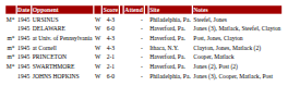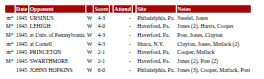 <table style="font-family:verdana;color:black;background:white;font-size:xx-small;text-align:right;">
 <tr style="color:white;background:#a20000;font-weight:bold;">
 <th> </th>
 <th style="text-align:left;">Date</th>
 <th style="text-align:left;">Opponent</th>
 <th> </th>
 <th style="text-align:center;">Score</th>
 <th> </th>
 <th>Attend</th>
 <th> </th>
 <th style="text-align:left;">Site</th>
 <th style="text-align:left;">Notes</th>
 </tr>
 <tr>
-<td>M*</td>
+<td>m*</td>
 <td style="text-align:left;">1945</td>
 <td style="text-align:left;">URSINUS</td>
 <td>W</td>
 <td style="text-align:center;">4-3</td>
 <td></td>
 <td>-</td>
 <td></td>
 <td style="text-align:left;">Philadelphia, Pa.</td>
 <td style="text-align:left;">Steefel, Jones</td>
 </tr>
 <tr>
-<td></td>
+<td>M*</td>
 <td style="text-align:left;">1945</td>
-<td style="text-align:left;">DELAWARE</td>
+<td style="text-align:left;">LEHIGH</td>
 <td>W</td>
-<td style="text-align:center;">6-0</td>
+<td style="text-align:center;">4-0</td>
 <td></td>
 <td>-</td>
 <td></td>
 <td style="text-align:left;">Haverford, Pa.</td>
-<td style="text-align:left;">Jones (3), Matlack, Steefel, Clayton</td>
+<td style="text-align:left;">Jones (2), Harris, Cooper</td>
 </tr>
 <tr>
-<td>m*</td>
+<td>M*</td>
 <td style="text-align:left;">1945</td>
 <td style="text-align:left;">at Univ. of Pennsylvania</td>
 <td>W</td>
 <td style="text-align:center;">4-3</td>
 <td></td>
 <td>-</td>
 <td></td>
 <td style="text-align:left;">Haverford, Pa.</td>
 <td style="text-align:left;">Post, Jones, Clayton</td>
 </tr>
 <tr>
 <td>m*</td>
 <td style="text-align:left;">1945</td>
 <td style="text-align:left;">at Cornell</td>
 <td>W</td>
 <td style="text-align:center;">4-3</td>
 <td></td>
 <td>-</td>
 <td></td>
 <td style="text-align:left;">Ithaca, N.Y.</td>
 <td style="text-align:left;">Clayton, Jones, Matlack (2)</td>
 </tr>
 <tr>
 <td>m*</td>
 <td style="text-align:left;">1945</td>
 <td style="text-align:left;">PRINCETON</td>
 <td>W</td>
 <td style="text-align:center;">2-1</td>
 <td></td>
 <td>-</td>
 <td></td>
 <td style="text-align:left;">Haverford, Pa.</td>
 <td style="text-align:left;">Cooper, Matlack</td>
 </tr>
 <tr>
 <td>M*</td>
 <td style="text-align:left;">1945</td>
 <td style="text-align:left;">SWARTHMORE</td>
 <td>W</td>
 <td style="text-align:center;">2-1</td>
 <td></td>
 <td>-</td>
 <td></td>
 <td style="text-align:left;">Haverford, Pa.</td>
 <td style="text-align:left;">Jones (2), Post (2)</td>
 </tr>
 <tr>
 <td></td>
 <td style="text-align:left;">1945</td>
 <td style="text-align:left;">JOHNS HOPKINS</td>
 <td>W</td>
 <td style="text-align:center;">6-0</td>
 <td></td>
 <td>-</td>
 <td></td>
 <td style="text-align:left;">Philadelphia, Pa.</td>
 <td style="text-align:left;">Jones (3), Cooper, Matlack, Post</td>
 </tr>
 </table>
